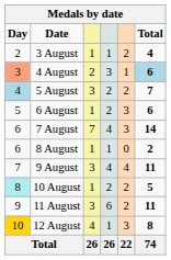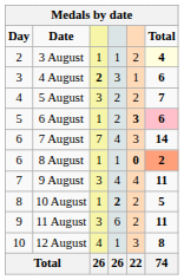 <table class="wikitable" style="font-size:85%; text-align:center;">
 <tr style="background:#efefef;">
 <th colspan=6><strong>Medals by date</strong></th>
 </tr>
 <tr>
 <td><strong>Day</strong></td>
 <td><strong>Date</strong></td>
 <td style="background:#F7F6A8;"></td>
 <td style="background:#DCE5E5;"></td>
 <td style="background:#FFDAB9;"></td>
 <td><strong>Total</strong></td>
 </tr>
 <tr>
 <td>2</td>
 <td>3 August</td>
 <td style="background:#F7F6A8;">1</td>
 <td style="background:#DCE5E5;">1</td>
 <td style="background:#FFDAB9;">2</td>
-<td><strong>4</strong></td>
+<td style="background: lightyellow;"><strong>4</strong></td>
 </tr>
 <tr>
-<td style="background: lightsalmon;">3</td>
+<td>3</td>
 <td>4 August</td>
-<td style="background:#F7F6A8;">2</td>
+<td style="background:#F7F6A8;"><strong>2</strong></td>
 <td style="background:#DCE5E5;">3</td>
 <td style="background:#FFDAB9;">1</td>
-<td style="background: lightblue;"><strong>6</strong></td>
+<td><strong>6</strong></td>
 </tr>
 <tr>
-<td style="background: lightblue;">4</td>
+<td>4</td>
 <td>5 August</td>
 <td style="background:#F7F6A8;">3</td>
 <td style="background:#DCE5E5;">2</td>
 <td style="background:#FFDAB9;">2</td>
 <td><strong>7</strong></td>
 </tr>
 <tr>
 <td>5</td>
 <td>6 August</td>
 <td style="background:#F7F6A8;">1</td>
 <td style="background:#DCE5E5;">2</td>
-<td style="background:#FFDAB9;">3</td>
-<td><strong>6</strong></td>
+<td style="background:#FFDAB9;"><strong>3</strong></td>
+<td style="background: pink;"><strong>6</strong></td>
 </tr>
 <tr>
 <td>6</td>
 <td>7 August</td>
 <td style="background:#F7F6A8;">7</td>
 <td style="background:#DCE5E5;">4</td>
 <td style="background:#FFDAB9;">3</td>
 <td><strong>14</strong></td>
 </tr>
 <tr>
 <td>6</td>
 <td>8 August</td>
 <td style="background:#F7F6A8;">1</td>
 <td style="background:#DCE5E5;">1</td>
-<td style="background:#FFDAB9;">0</td>
-<td><strong>2</strong></td>
+<td style="background:#FFDAB9;"><strong>0</strong></td>
+<td style="background: lightsalmon;"><strong>2</strong></td>
 </tr>
 <tr>
 <td>7</td>
 <td>9 August</td>
 <td style="background:#F7F6A8;">3</td>
 <td style="background:#DCE5E5;">4</td>
 <td style="background:#FFDAB9;">4</td>
 <td><strong>11</strong></td>
 </tr>
 <tr>
-<td style="background: paleturquoise;">8</td>
+<td>8</td>
 <td>10 August</td>
 <td style="background:#F7F6A8;">1</td>
-<td style="background:#DCE5E5;">2</td>
+<td style="background:#DCE5E5;"><strong>2</strong></td>
 <td style="background:#FFDAB9;">2</td>
 <td><strong>5</strong></td>
 </tr>
 <tr>
 <td>9</td>
 <td>11 August</td>
 <td style="background:#F7F6A8;">3</td>
 <td style="background:#DCE5E5;">6</td>
 <td style="background:#FFDAB9;">2</td>
 <td><strong>11</strong></td>
 </tr>
 <tr>
-<td style="background: gold;">10</td>
+<td>10</td>
 <td>12 August</td>
 <td style="background:#F7F6A8;">4</td>
 <td style="background:#DCE5E5;">1</td>
 <td style="background:#FFDAB9;">3</td>
 <td><strong>8</strong></td>
 </tr>
 <tr>
 <th colspan="2">Total</th>
 <th>26</th>
 <th>26</th>
 <th>22</th>
 <th>74</th>
 </tr>
 </table>
